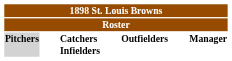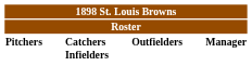 <table class="toccolours" style="font-size: 95%;">
 <tr>
 <th colspan="10" style="background-color: #964B00; color: white; text-align: center;">1898 St. Louis Browns</th>
 </tr>
 <tr>
 <td colspan="10" style="background-color: #964B00; color: white; text-align: center;"><strong>Roster</strong></td>
 </tr>
 <tr>
-<td valign="top" style="background: lightgrey;"><strong>Pitchers</strong><br>          </td>
+<td valign="top"><strong>Pitchers</strong><br>          </td>
 <td width="25px"></td>
 <td valign="top"><strong>Catchers</strong><br>   <strong>Infielders</strong>           </td>
 <td width="25px"></td>
 <td valign="top"><strong>Outfielders</strong><br>    </td>
 <td width="25px"></td>
 <td valign="top"><strong>Manager</strong><br></td>
 </tr>
 </table>
